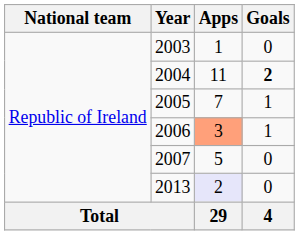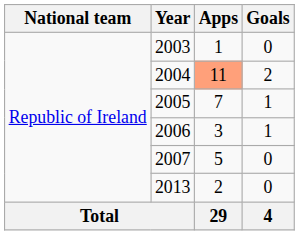 <table class="wikitable" style="text-align:center">
 <tr>
 <th>National team</th>
 <th>Year</th>
 <th>Apps</th>
 <th>Goals</th>
 </tr>
 <tr>
 <td rowspan="6"><a href='#'>Republic of Ireland</a></td>
 <td>2003</td>
 <td>1</td>
 <td>0</td>
 </tr>
 <tr>
 <td>2004</td>
-<td>11</td>
-<td><strong>2</strong></td>
+<td style="background: lightsalmon;">11</td>
+<td>2</td>
 </tr>
 <tr>
 <td>2005</td>
 <td>7</td>
 <td>1</td>
 </tr>
 <tr>
 <td>2006</td>
-<td style="background: lightsalmon;">3</td>
+<td>3</td>
 <td>1</td>
 </tr>
 <tr>
 <td>2007</td>
 <td>5</td>
 <td>0</td>
 </tr>
 <tr>
 <td>2013</td>
-<td style="background: lavender;">2</td>
+<td>2</td>
 <td>0</td>
 </tr>
 <tr>
 <th colspan="2">Total</th>
 <th>29</th>
 <th>4</th>
 </tr>
 </table>
